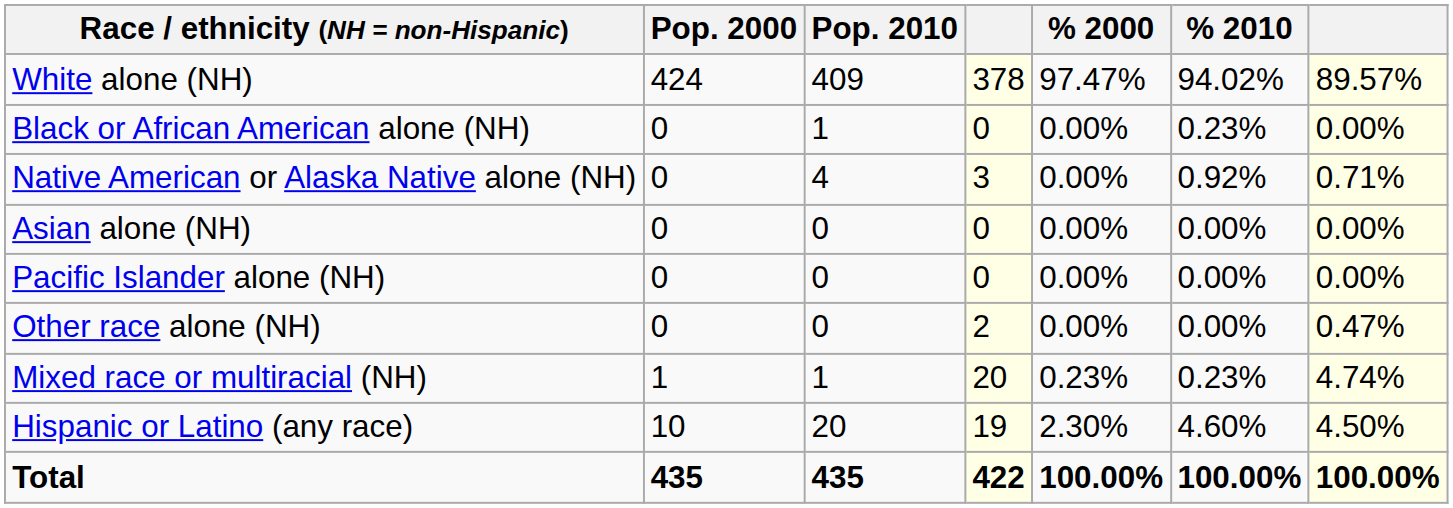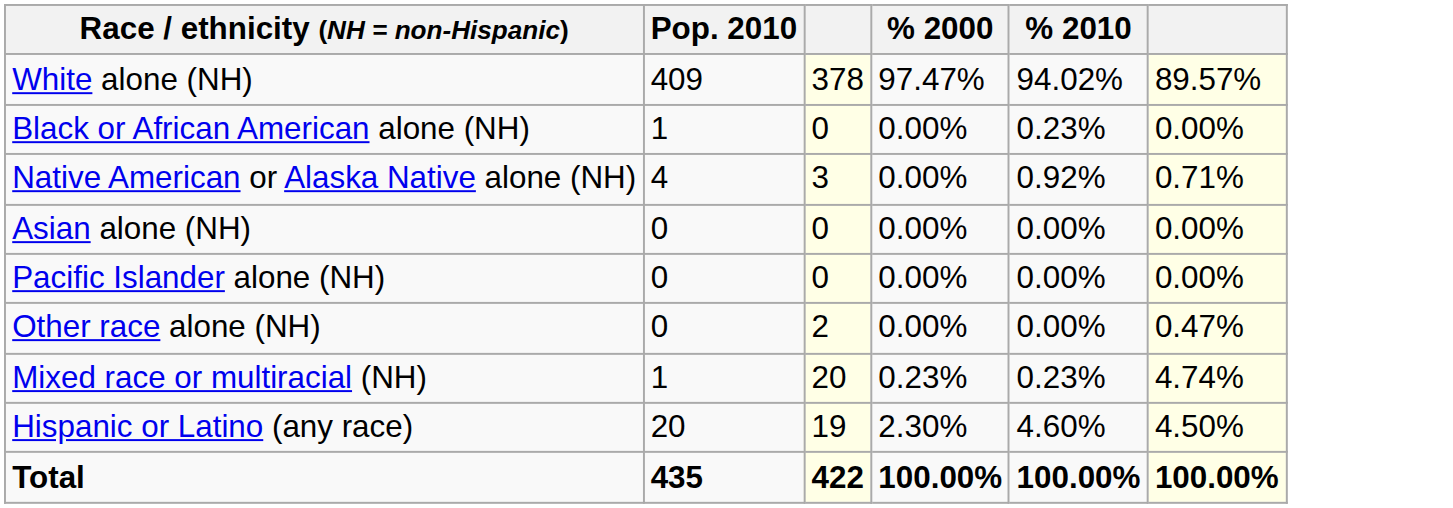 <table class="wikitable">
 <tr>
 <th>Race / ethnicity <small>(<em>NH = non-Hispanic</em>)</small></th>
-<th>Pop. 2000</th>
 <th>Pop. 2010</th>
 <th></th>
 <th>% 2000</th>
 <th>% 2010</th>
 <th></th>
 </tr>
 <tr>
 <td><a href='#'>White</a> alone (NH)</td>
-<td>424</td>
 <td>409</td>
 <td style='background: #ffffe6;'>378</td>
 <td>97.47%</td>
 <td>94.02%</td>
 <td style='background: #ffffe6;'>89.57%</td>
 </tr>
 <tr>
 <td><a href='#'>Black or African American</a> alone (NH)</td>
-<td>0</td>
 <td>1</td>
 <td style='background: #ffffe6;'>0</td>
 <td>0.00%</td>
 <td>0.23%</td>
 <td style='background: #ffffe6;'>0.00%</td>
 </tr>
 <tr>
 <td><a href='#'>Native American</a> or <a href='#'>Alaska Native</a> alone (NH)</td>
-<td>0</td>
 <td>4</td>
 <td style='background: #ffffe6;'>3</td>
 <td>0.00%</td>
 <td>0.92%</td>
 <td style='background: #ffffe6;'>0.71%</td>
 </tr>
 <tr>
 <td><a href='#'>Asian</a> alone (NH)</td>
 <td>0</td>
-<td>0</td>
 <td style='background: #ffffe6;'>0</td>
 <td>0.00%</td>
 <td>0.00%</td>
 <td style='background: #ffffe6;'>0.00%</td>
 </tr>
 <tr>
 <td><a href='#'>Pacific Islander</a> alone (NH)</td>
-<td>0</td>
 <td>0</td>
 <td style='background: #ffffe6;'>0</td>
 <td>0.00%</td>
 <td>0.00%</td>
 <td style='background: #ffffe6;'>0.00%</td>
 </tr>
 <tr>
 <td><a href='#'>Other race</a> alone (NH)</td>
 <td>0</td>
-<td>0</td>
 <td style='background: #ffffe6;'>2</td>
 <td>0.00%</td>
 <td>0.00%</td>
 <td style='background: #ffffe6;'>0.47%</td>
 </tr>
 <tr>
 <td><a href='#'>Mixed race or multiracial</a> (NH)</td>
 <td>1</td>
-<td>1</td>
 <td style='background: #ffffe6;'>20</td>
 <td>0.23%</td>
 <td>0.23%</td>
 <td style='background: #ffffe6;'>4.74%</td>
 </tr>
 <tr>
 <td><a href='#'>Hispanic or Latino</a> (any race)</td>
-<td>10</td>
 <td>20</td>
 <td style='background: #ffffe6;'>19</td>
 <td>2.30%</td>
 <td>4.60%</td>
 <td style='background: #ffffe6;'>4.50%</td>
 </tr>
 <tr>
 <td><strong>Total</strong></td>
 <td><strong>435</strong></td>
-<td><strong>435</strong></td>
 <td style='background: #ffffe6;'><strong>422</strong></td>
 <td><strong>100.00%</strong></td>
 <td><strong>100.00%</strong></td>
 <td style='background: #ffffe6;'><strong>100.00%</strong></td>
 </tr>
 </table>
